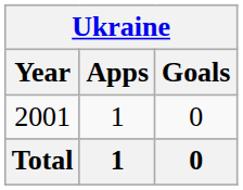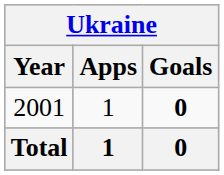 <table class="wikitable" style="text-align:center">
 <tr>
 <th colspan=3><a href='#'>Ukraine</a></th>
 </tr>
 <tr>
 <th>Year</th>
 <th>Apps</th>
 <th>Goals</th>
 </tr>
 <tr>
 <td>2001</td>
 <td>1</td>
-<td>0</td>
+<td><strong>0</strong></td>
 </tr>
 <tr>
 <th>Total</th>
 <th>1</th>
 <th>0</th>
 </tr>
 </table>
